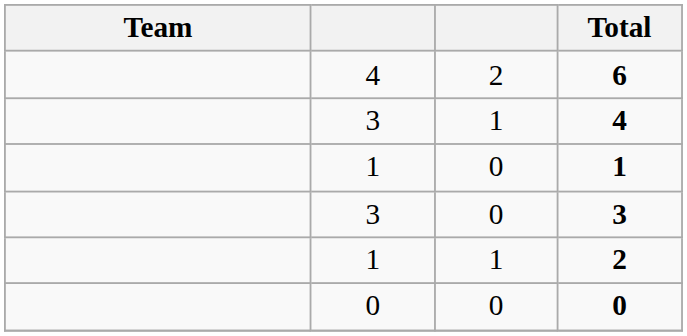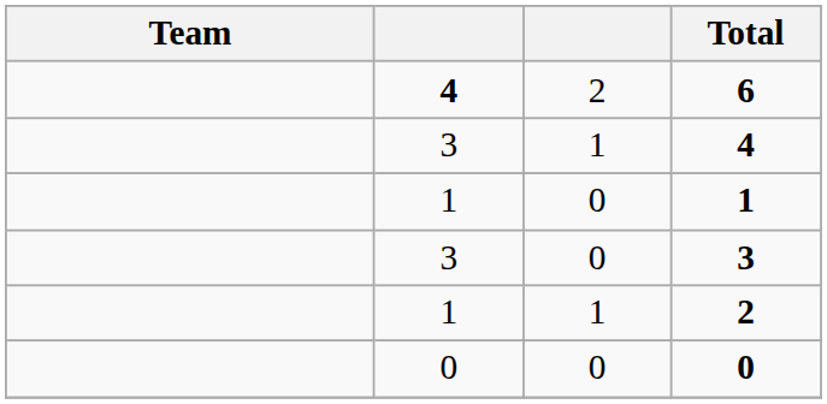 <table class="wikitable" style="text-align:center">
 <tr>
 <th width=160>Team</th>
 <th width=60></th>
 <th width=60></th>
 <th width=60>Total</th>
 </tr>
 <tr>
 <td align=left></td>
-<td>4</td>
+<td><strong>4</strong></td>
 <td>2</td>
 <td><strong>6</strong></td>
 </tr>
 <tr>
 <td align=left></td>
 <td>3</td>
 <td>1</td>
 <td><strong>4</strong></td>
 </tr>
 <tr>
 <td align=left></td>
 <td>1</td>
 <td>0</td>
 <td><strong>1</strong></td>
 </tr>
 <tr>
 <td align=left></td>
 <td>3</td>
 <td>0</td>
 <td><strong>3</strong></td>
 </tr>
 <tr>
 <td align=left></td>
 <td>1</td>
 <td>1</td>
 <td><strong>2</strong></td>
 </tr>
 <tr>
 <td align=left></td>
 <td>0</td>
 <td>0</td>
 <td><strong>0</strong></td>
 </tr>
 <tr>
 </tr>
 </table>
